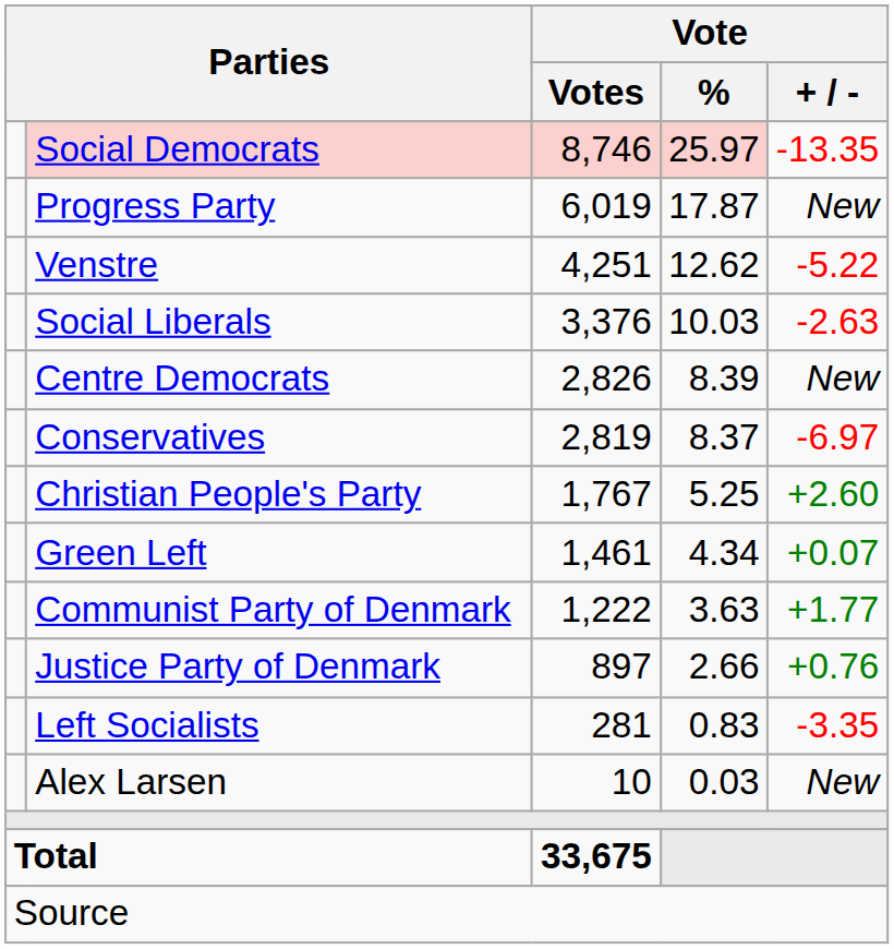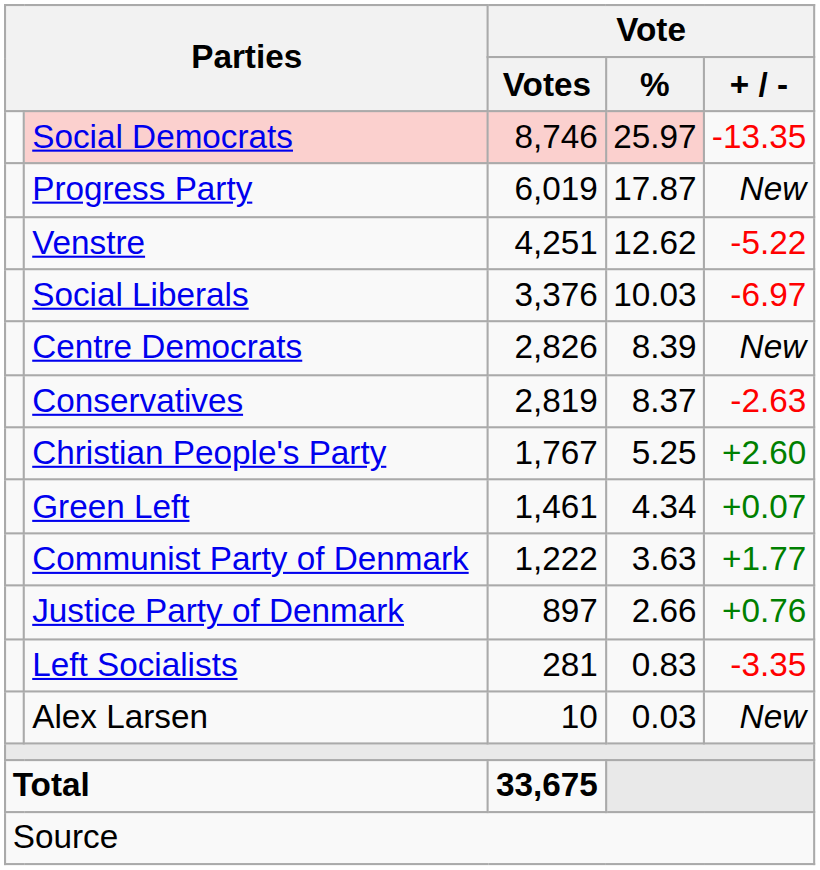 <table class="wikitable" style="text-align:right;">
 <tr>
 <th style="text-align:centre;" rowspan="2" colspan="2" width="225">Parties</th>
 <th colspan="3">Vote</th>
 </tr>
 <tr>
 <th width="15">Votes</th>
 <th width="15">%</th>
 <th width="15">+ / -</th>
 </tr>
 <tr>
 <td width="2" style="color:inherit;background:"></td>
 <td bgcolor=#fbd0ce  align="left"><a href='#'>Social Democrats</a></td>
 <td bgcolor=#fbd0ce>8,746</td>
 <td bgcolor=#fbd0ce>25.97</td>
 <td style=color:red;>-13.35</td>
 </tr>
 <tr>
 <td width="2" style="color:inherit;background:"></td>
 <td align="left"><a href='#'>Progress Party</a></td>
 <td>6,019</td>
 <td>17.87</td>
 <td><em>New</em></td>
 </tr>
 <tr>
 <td width="2" style="color:inherit;background:"></td>
 <td align="left"><a href='#'>Venstre</a></td>
 <td>4,251</td>
 <td>12.62</td>
 <td style=color:red;>-5.22</td>
 </tr>
 <tr>
 <td width="2" style="color:inherit;background:"></td>
 <td align="left"><a href='#'>Social Liberals</a></td>
 <td>3,376</td>
 <td>10.03</td>
-<td style=color:red;>-2.63</td>
+<td style=color:red;>-6.97</td>
 </tr>
 <tr>
 <td width="2" style="color:inherit;background:"></td>
 <td align="left"><a href='#'>Centre Democrats</a></td>
 <td>2,826</td>
 <td>8.39</td>
 <td><em>New</em></td>
 </tr>
 <tr>
 <td width="2" style="color:inherit;background:"></td>
 <td align="left"><a href='#'>Conservatives</a></td>
 <td>2,819</td>
 <td>8.37</td>
-<td style=color:red;>-6.97</td>
+<td style=color:red;>-2.63</td>
 </tr>
 <tr>
 <td width="2" style="color:inherit;background:"></td>
 <td align="left"><a href='#'>Christian People's Party</a></td>
 <td>1,767</td>
 <td>5.25</td>
 <td style=color:green;>+2.60</td>
 </tr>
 <tr>
 <td width="2" style="color:inherit;background:"></td>
 <td align="left"><a href='#'>Green Left</a></td>
 <td>1,461</td>
 <td>4.34</td>
 <td style=color:green;>+0.07</td>
 </tr>
 <tr>
 <td width="2" style="color:inherit;background:"></td>
 <td align="left"><a href='#'>Communist Party of Denmark</a></td>
 <td>1,222</td>
 <td>3.63</td>
 <td style=color:green;>+1.77</td>
 </tr>
 <tr>
 <td width="2" style="color:inherit;background:"></td>
 <td align="left"><a href='#'>Justice Party of Denmark</a></td>
 <td>897</td>
 <td>2.66</td>
 <td style=color:green;>+0.76</td>
 </tr>
 <tr>
 <td width="2" style="color:inherit;background:"></td>
 <td align="left"><a href='#'>Left Socialists</a></td>
 <td>281</td>
 <td>0.83</td>
 <td style=color:red;>-3.35</td>
 </tr>
 <tr>
 <td width="2" style="color:inherit;background:"></td>
 <td align="left">Alex Larsen</td>
 <td>10</td>
 <td>0.03</td>
 <td><em>New</em></td>
 </tr>
 <tr>
 <td colspan="7" bgcolor="#E9E9E9"></td>
 </tr>
 <tr>
 <td align="left" colspan="2"><strong>Total</strong></td>
 <td><strong>33,675</strong></td>
 <td bgcolor="#E9E9E9" colspan="2"></td>
 </tr>
 <tr>
 <td align="left" colspan="6">Source</td>
 </tr>
 </table>
